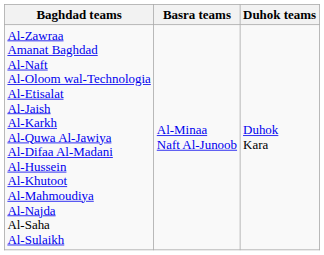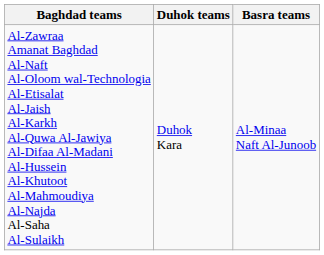 <table class="wikitable">
 <tr>
 <th>Baghdad teams</th>
+<th>Duhok teams</th>
 <th>Basra teams</th>
-<th>Duhok teams</th>
 </tr>
 <tr>
 <td><a href='#'>Al-Zawraa</a><br><a href='#'>Amanat Baghdad</a><br><a href='#'>Al-Naft</a><br><a href='#'>Al-Oloom wal-Technologia</a><br><a href='#'>Al-Etisalat</a><br><a href='#'>Al-Jaish</a><br><a href='#'>Al-Karkh</a><br><a href='#'>Al-Quwa Al-Jawiya</a><br><a href='#'>Al-Difaa Al-Madani</a><br><a href='#'>Al-Hussein</a><br><a href='#'>Al-Khutoot</a><br><a href='#'>Al-Mahmoudiya</a><br><a href='#'>Al-Najda</a><br>Al-Saha<br><a href='#'>Al-Sulaikh</a></td>
+<td><a href='#'>Duhok</a><br>Kara</td>
 <td><a href='#'>Al-Minaa</a><br><a href='#'>Naft Al-Junoob</a></td>
-<td><a href='#'>Duhok</a><br>Kara</td>
 </tr>
 </table>
